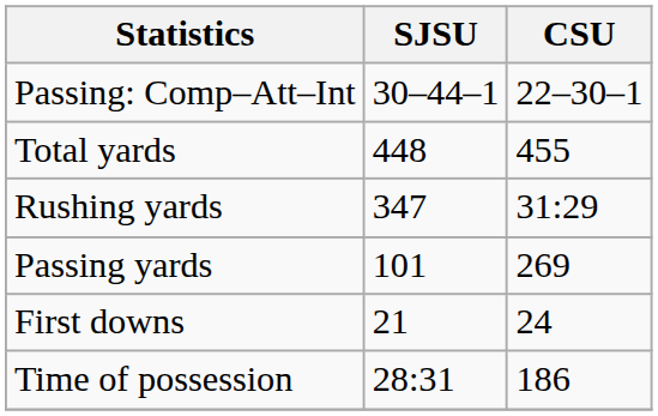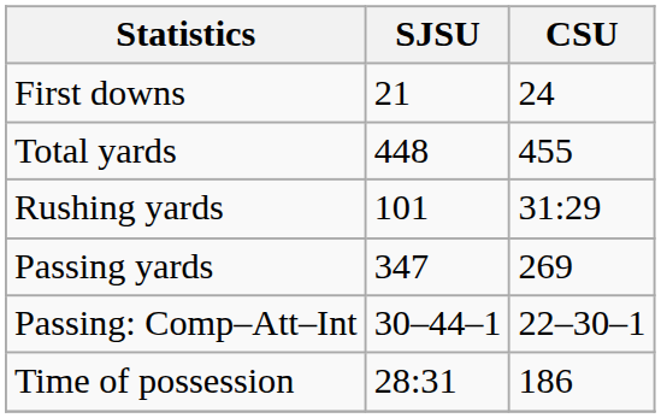 <table class="wikitable" style="float: left;">
 <tr>
 <th>Statistics</th>
 <th>SJSU</th>
 <th>CSU</th>
 </tr>
 <tr>
-<td>Passing: Comp–Att–Int</td>
-<td>30–44–1</td>
-<td>22–30–1</td>
+<td>First downs</td>
+<td>21</td>
+<td>24</td>
 </tr>
 <tr>
 <td>Total yards</td>
 <td>448</td>
 <td>455</td>
 </tr>
 <tr>
 <td>Rushing yards</td>
-<td>347</td>
+<td>101</td>
 <td>31:29</td>
 </tr>
 <tr>
 <td>Passing yards</td>
-<td>101</td>
+<td>347</td>
 <td>269</td>
 </tr>
 <tr>
-<td>First downs</td>
-<td>21</td>
-<td>24</td>
+<td>Passing: Comp–Att–Int</td>
+<td>30–44–1</td>
+<td>22–30–1</td>
 </tr>
 <tr>
 <td>Time of possession</td>
 <td>28:31</td>
 <td>186</td>
 </tr>
 <tr>
 </tr>
 </table>
